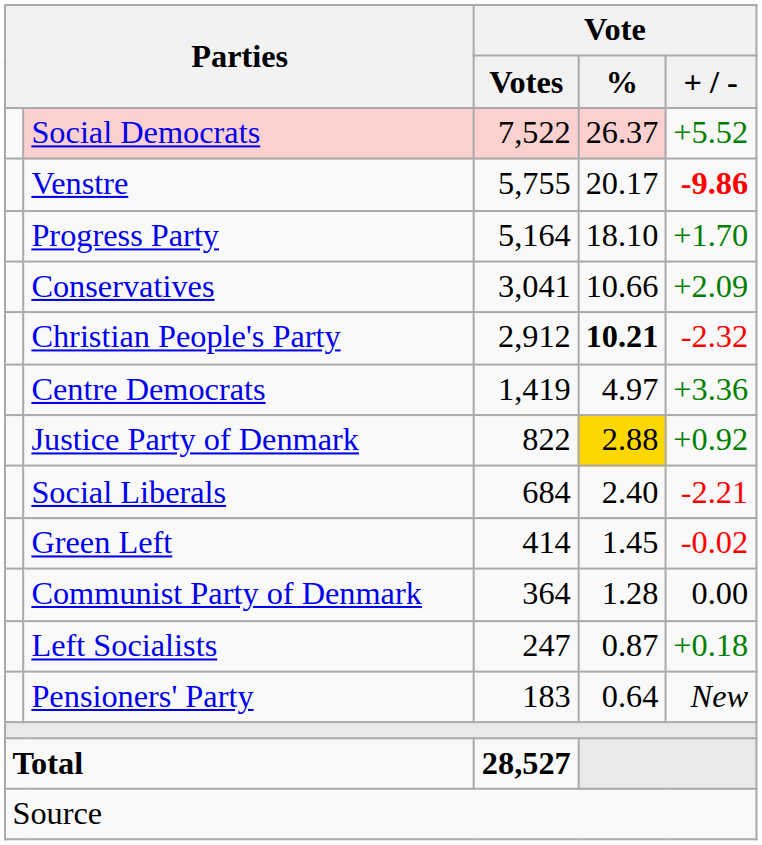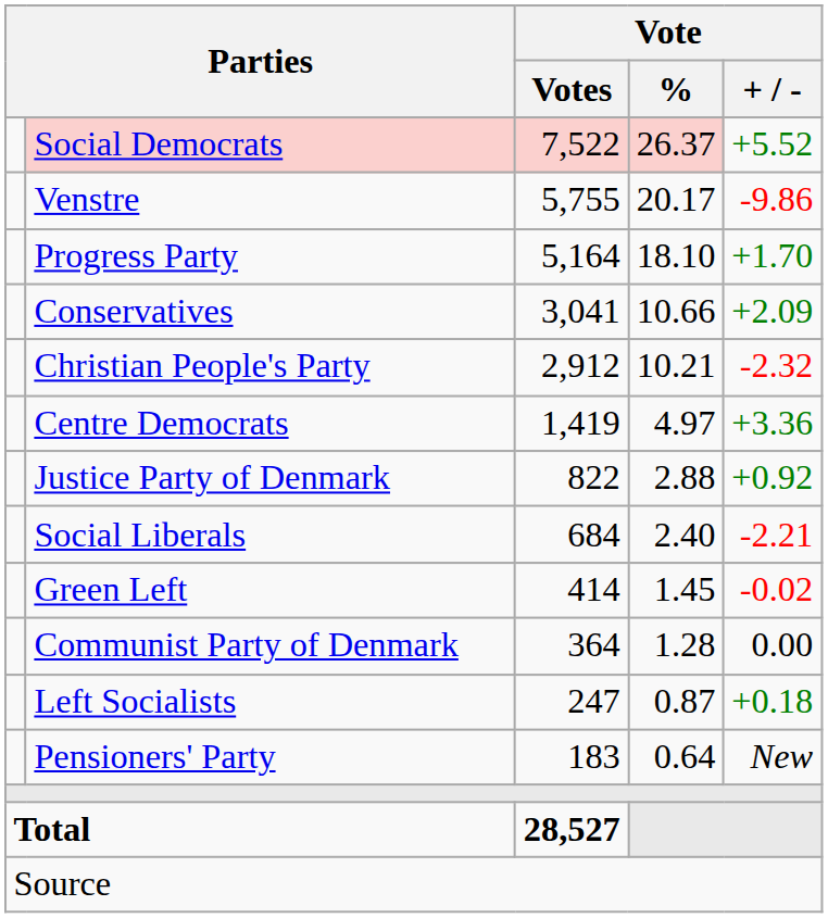 <table class="wikitable" style="text-align:right;">
 <tr>
 <th style="text-align:centre;" rowspan="2" colspan="2" width="225">Parties</th>
 <th colspan="3">Vote</th>
 </tr>
 <tr>
 <th width="15">Votes</th>
 <th width="15">%</th>
 <th width="15">+ / -</th>
 </tr>
 <tr>
 <td width="2" style="color:inherit;background:"></td>
 <td bgcolor=#fbd0ce  align="left"><a href='#'>Social Democrats</a></td>
 <td bgcolor=#fbd0ce>7,522</td>
 <td bgcolor=#fbd0ce>26.37</td>
 <td style=color:green;>+5.52</td>
 </tr>
 <tr>
 <td width="2" style="color:inherit;background:"></td>
 <td align="left"><a href='#'>Venstre</a></td>
 <td>5,755</td>
 <td>20.17</td>
-<td style=color:red;><strong>-9.86</strong></td>
+<td style=color:red;>-9.86</td>
 </tr>
 <tr>
 <td width="2" style="color:inherit;background:"></td>
 <td align="left"><a href='#'>Progress Party</a></td>
 <td>5,164</td>
 <td>18.10</td>
 <td style=color:green;>+1.70</td>
 </tr>
 <tr>
 <td width="2" style="color:inherit;background:"></td>
 <td align="left"><a href='#'>Conservatives</a></td>
 <td>3,041</td>
 <td>10.66</td>
 <td style=color:green;>+2.09</td>
 </tr>
 <tr>
 <td width="2" style="color:inherit;background:"></td>
 <td align="left"><a href='#'>Christian People's Party</a></td>
 <td>2,912</td>
-<td><strong>10.21</strong></td>
+<td>10.21</td>
 <td style=color:red;>-2.32</td>
 </tr>
 <tr>
 <td width="2" style="color:inherit;background:"></td>
 <td align="left"><a href='#'>Centre Democrats</a></td>
 <td>1,419</td>
 <td>4.97</td>
 <td style=color:green;>+3.36</td>
 </tr>
 <tr>
 <td width="2" style="color:inherit;background:"></td>
 <td align="left"><a href='#'>Justice Party of Denmark</a></td>
 <td>822</td>
-<td style="background: gold;">2.88</td>
+<td>2.88</td>
 <td style=color:green;>+0.92</td>
 </tr>
 <tr>
 <td width="2" style="color:inherit;background:"></td>
 <td align="left"><a href='#'>Social Liberals</a></td>
 <td>684</td>
 <td>2.40</td>
 <td style=color:red;>-2.21</td>
 </tr>
 <tr>
 <td width="2" style="color:inherit;background:"></td>
 <td align="left"><a href='#'>Green Left</a></td>
 <td>414</td>
 <td>1.45</td>
 <td style=color:red;>-0.02</td>
 </tr>
 <tr>
 <td width="2" style="color:inherit;background:"></td>
 <td align="left"><a href='#'>Communist Party of Denmark</a></td>
 <td>364</td>
 <td>1.28</td>
 <td>0.00</td>
 </tr>
 <tr>
 <td width="2" style="color:inherit;background:"></td>
 <td align="left"><a href='#'>Left Socialists</a></td>
 <td>247</td>
 <td>0.87</td>
 <td style=color:green;>+0.18</td>
 </tr>
 <tr>
 <td width="2" style="color:inherit;background:"></td>
 <td align="left"><a href='#'>Pensioners' Party</a></td>
 <td>183</td>
 <td>0.64</td>
 <td><em>New</em></td>
 </tr>
 <tr>
 <td colspan="7" bgcolor="#E9E9E9"></td>
 </tr>
 <tr>
 <td align="left" colspan="2"><strong>Total</strong></td>
 <td><strong>28,527</strong></td>
 <td bgcolor="#E9E9E9" colspan="2"></td>
 </tr>
 <tr>
 <td align="left" colspan="6">Source</td>
 </tr>
 </table>
